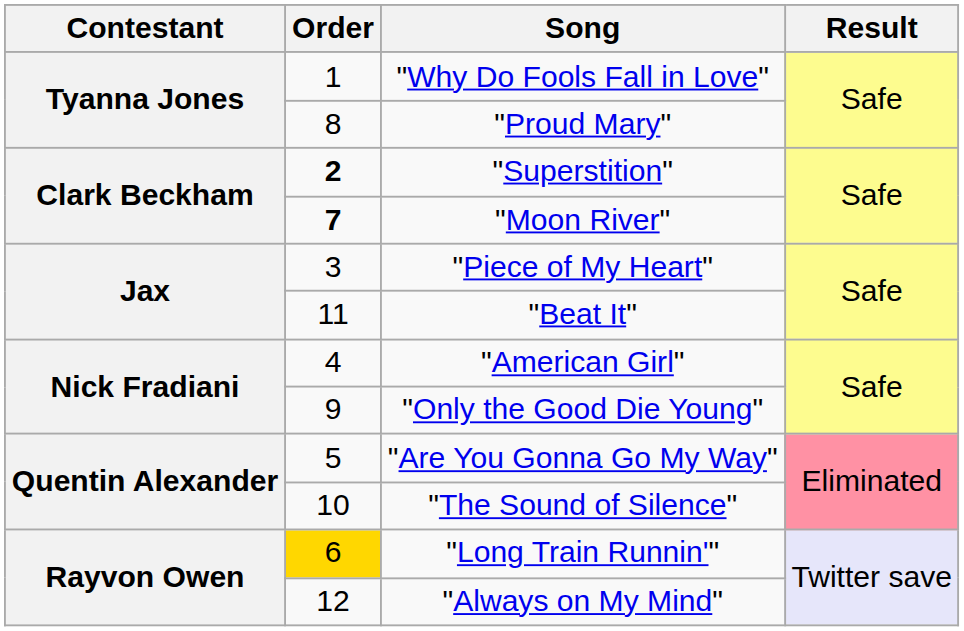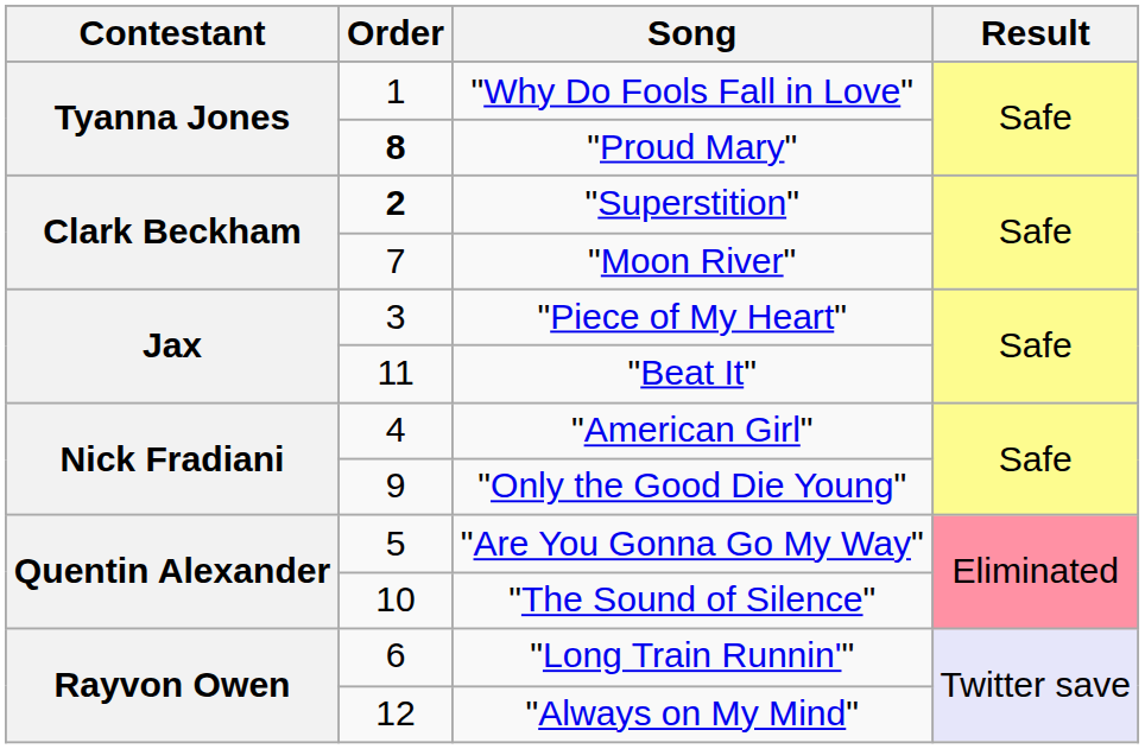 <table class="wikitable unsortable" style="text-align:center;">
 <tr>
 <th scope="col">Contestant</th>
 <th scope="col">Order</th>
 <th scope="col">Song</th>
 <th scope="col">Result</th>
 </tr>
 <tr>
 <th scope="row" rowspan="2">Tyanna Jones</th>
 <td>1</td>
 <td>"<a href='#'>Why Do Fools Fall in Love</a>"</td>
 <td rowspan="2" style="background:#FDFC8F">Safe</td>
 </tr>
 <tr>
-<td>8</td>
+<td><strong>8</strong></td>
 <td>"<a href='#'>Proud Mary</a>"</td>
 </tr>
 <tr>
 <th scope="row" rowspan="2">Clark Beckham</th>
 <td><strong>2</strong></td>
 <td>"<a href='#'>Superstition</a>"</td>
 <td rowspan="2" style="background:#FDFC8F">Safe</td>
 </tr>
 <tr>
-<td><strong>7</strong></td>
+<td>7</td>
 <td>"<a href='#'>Moon River</a>"</td>
 </tr>
 <tr>
 <th scope="row" rowspan="2">Jax</th>
 <td>3</td>
 <td>"<a href='#'>Piece of My Heart</a>"</td>
 <td rowspan="2" style="background:#FDFC8F">Safe</td>
 </tr>
 <tr>
 <td>11</td>
 <td>"<a href='#'>Beat It</a>"</td>
 </tr>
 <tr>
 <th scope="row" rowspan="2">Nick Fradiani</th>
 <td>4</td>
 <td>"<a href='#'>American Girl</a>"</td>
 <td rowspan="2" style="background:#FDFC8F">Safe</td>
 </tr>
 <tr>
 <td>9</td>
 <td>"<a href='#'>Only the Good Die Young</a>"</td>
 </tr>
 <tr>
 <th scope="row" rowspan="2">Quentin Alexander</th>
 <td>5</td>
 <td>"<a href='#'>Are You Gonna Go My Way</a>"</td>
 <td rowspan="2" bgcolor="FF91A4">Eliminated</td>
 </tr>
 <tr>
 <td>10</td>
 <td>"<a href='#'>The Sound of Silence</a>"</td>
 </tr>
 <tr>
 <th scope="row" rowspan="2">Rayvon Owen</th>
-<td style="background: gold;">6</td>
+<td>6</td>
 <td>"<a href='#'>Long Train Runnin'</a>"</td>
 <td rowspan="2" style="background:lavender">Twitter save</td>
 </tr>
 <tr>
 <td>12</td>
 <td>"<a href='#'>Always on My Mind</a>"</td>
 </tr>
 </table>
